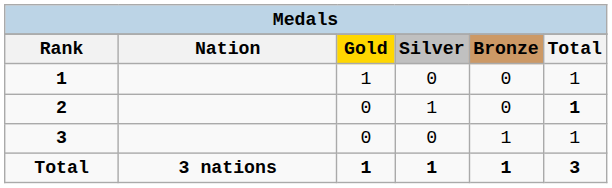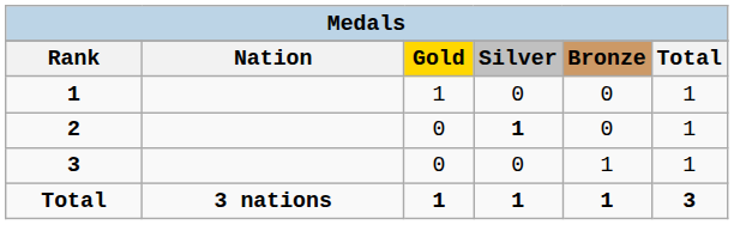 <table class=wikitable style=text-align:center>
 <tr>
 <td colspan=6 style="background:#BCD4E6"><strong>Medals</strong></td>
 </tr>
 <tr>
 </tr>
 <tr style="background-color:#EDEDED;">
 <th width=75px class="hintergrundfarbe5">Rank</th>
 <th width=150px class="hintergrundfarbe6">Nation</th>
 <th width=35px style="background:gold">Gold</th>
 <th width=35px style="background:silver">Silver</th>
 <th width=35px style="background:#CC9966">Bronze</th>
 <th width=35px>Total</th>
 </tr>
 <tr>
 <td><strong>1</strong></td>
 <td style="text-align:left"></td>
 <td>1</td>
 <td>0</td>
 <td>0</td>
 <td>1</td>
 </tr>
 <tr>
 <td><strong>2</strong></td>
 <td style="text-align:left"></td>
 <td>0</td>
+<td><strong>1</strong></td>
+<td>0</td>
 <td>1</td>
-<td>0</td>
-<td><strong>1</strong></td>
 </tr>
 <tr>
 <td><strong>3</strong></td>
 <td style="text-align:left"></td>
 <td>0</td>
 <td>0</td>
 <td>1</td>
 <td>1</td>
 </tr>
 <tr>
 <td><strong>Total</strong></td>
 <td><strong>3 nations</strong></td>
 <td><strong>1</strong></td>
 <td><strong>1</strong></td>
 <td><strong>1</strong></td>
 <td><strong>3</strong></td>
 </tr>
 </table>
